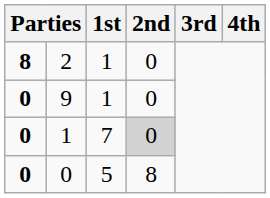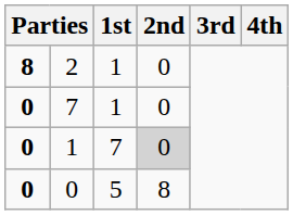 <table class="wikitable" style="text-align:center;">
 <tr>
 <th colspan=2 style="text-align:left;">Parties</th>
 <th>1st</th>
 <th>2nd</th>
 <th>3rd</th>
 <th>4th</th>
 </tr>
 <tr>
 <td><strong>8</strong></td>
 <td>2</td>
 <td>1</td>
 <td>0</td>
 </tr>
 <tr>
 <td><strong>0</strong></td>
-<td>9</td>
+<td>7</td>
 <td>1</td>
 <td>0</td>
 </tr>
 <tr>
 <td><strong>0</strong></td>
 <td>1</td>
 <td>7</td>
 <td style="background: lightgrey;">0</td>
 </tr>
 <tr>
 <td><strong>0</strong></td>
 <td>0</td>
 <td>5</td>
 <td>8</td>
 </tr>
 </table>
